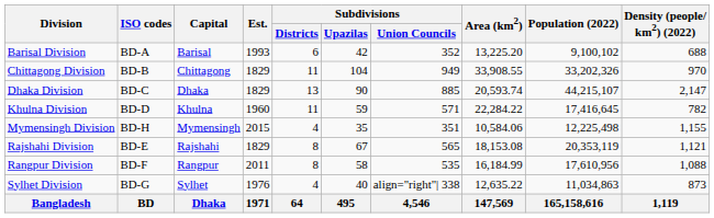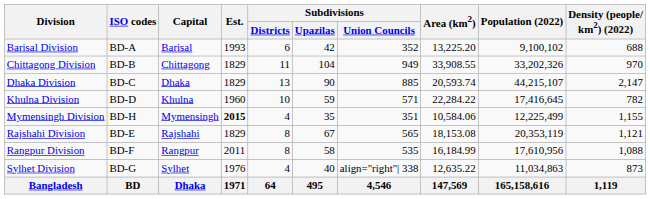 <table class="wikitable sortable">
 <tr>
 <th rowspan="2">Division</th>
 <th rowspan="2"><a href='#'>ISO</a> codes</th>
 <th rowspan="2">Capital</th>
 <th rowspan="2">Est.</th>
 <th colspan="3" class="unsortable">Subdivisions</th>
 <th rowspan="2">Area (km<sup>2</sup>)</th>
 <th rowspan="2">Population (2022)</th>
 <th rowspan="2">Density (people/<br>km<sup>2</sup>) (2022)</th>
 </tr>
 <tr>
 <th class="unsortable"><a href='#'>Districts</a></th>
 <th class="unsortable"><a href='#'>Upazilas</a></th>
 <th class="unsortable"><a href='#'>Union Councils</a></th>
 </tr>
 <tr>
 <td><a href='#'>Barisal Division</a></td>
 <td>BD-A</td>
 <td><a href='#'>Barisal</a></td>
 <td>1993</td>
 <td align="right">6</td>
 <td align="right">42</td>
 <td align="right">352</td>
 <td align="right">13,225.20</td>
 <td align="right">9,100,102</td>
 <td align="right">688</td>
 </tr>
 <tr>
 <td><a href='#'>Chittagong Division</a></td>
 <td>BD-B</td>
 <td><a href='#'>Chittagong</a></td>
 <td>1829</td>
 <td align="right">11</td>
 <td align="right">104</td>
 <td align="right">949</td>
 <td align="right">33,908.55</td>
 <td align="right">33,202,326</td>
 <td align="right">970</td>
 </tr>
 <tr>
 <td><a href='#'>Dhaka Division</a></td>
 <td>BD-C</td>
 <td><a href='#'>Dhaka</a></td>
 <td>1829</td>
 <td align="right">13</td>
 <td align="right">90</td>
 <td align="right">885</td>
 <td align="right">20,593.74</td>
 <td align="right">44,215,107</td>
 <td align="right">2,147</td>
 </tr>
 <tr>
 <td><a href='#'>Khulna Division</a></td>
 <td>BD-D</td>
 <td><a href='#'>Khulna</a></td>
 <td>1960</td>
-<td align="right">11</td>
+<td align="right">10</td>
 <td align="right">59</td>
 <td align="right">571</td>
 <td align="right">22,284.22</td>
 <td align="right">17,416,645</td>
 <td align="right">782</td>
 </tr>
 <tr>
 <td><a href='#'>Mymensingh Division</a></td>
 <td>BD-H</td>
 <td><a href='#'>Mymensingh</a></td>
-<td>2015</td>
+<td><strong>2015</strong></td>
 <td align="right">4</td>
 <td align="right">35</td>
 <td align="right">351</td>
 <td align="right">10,584.06</td>
-<td align="right">12,225,498</td>
+<td align="right">12,225,499</td>
 <td align="right">1,155</td>
 </tr>
 <tr>
 <td><a href='#'>Rajshahi Division</a></td>
 <td>BD-E</td>
 <td><a href='#'>Rajshahi</a></td>
 <td>1829</td>
 <td align="right">8</td>
 <td align="right">67</td>
 <td align="right">565</td>
 <td align="right">18,153.08</td>
 <td align="right">20,353,119</td>
 <td align="right">1,121</td>
 </tr>
 <tr>
 <td><a href='#'>Rangpur Division</a></td>
 <td>BD-F</td>
 <td><a href='#'>Rangpur</a></td>
 <td>2011</td>
 <td align="right">8</td>
 <td align="right">58</td>
 <td align="right">535</td>
 <td align="right">16,184.99</td>
 <td align="right">17,610,956</td>
 <td align="right">1,088</td>
 </tr>
 <tr>
 <td><a href='#'>Sylhet Division</a></td>
 <td>BD-G</td>
 <td><a href='#'>Sylhet</a></td>
 <td>1976</td>
 <td align="right">4</td>
 <td align="right">40</td>
 <td>align="right"| 338</td>
 <td align="right">12,635.22</td>
 <td align="right">11,034,863</td>
 <td align="right">873</td>
 </tr>
 <tr style="background:FF6347;" |- class="sortbottom">
 <th><a href='#'>Bangladesh</a></th>
 <th>BD</th>
 <th><a href='#'>Dhaka</a></th>
 <th>1971</th>
 <th align="right">64</th>
 <th align="right">495</th>
 <th align="right">4,546</th>
 <th align="right">147,569</th>
 <th align="right">165,158,616</th>
 <th align="right">1,119</th>
 </tr>
 </table>
